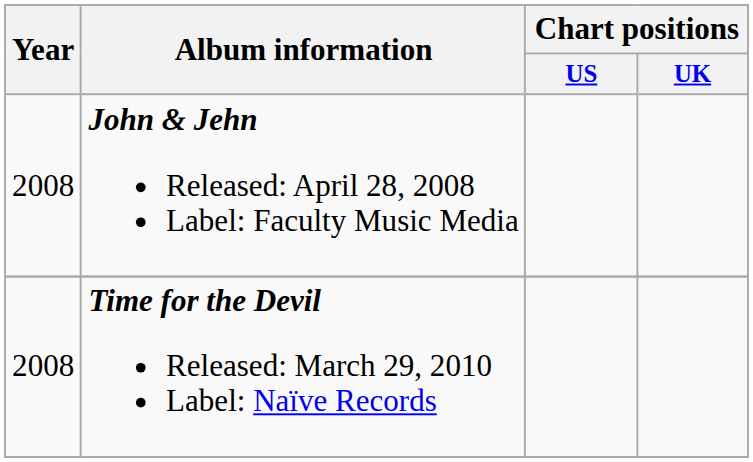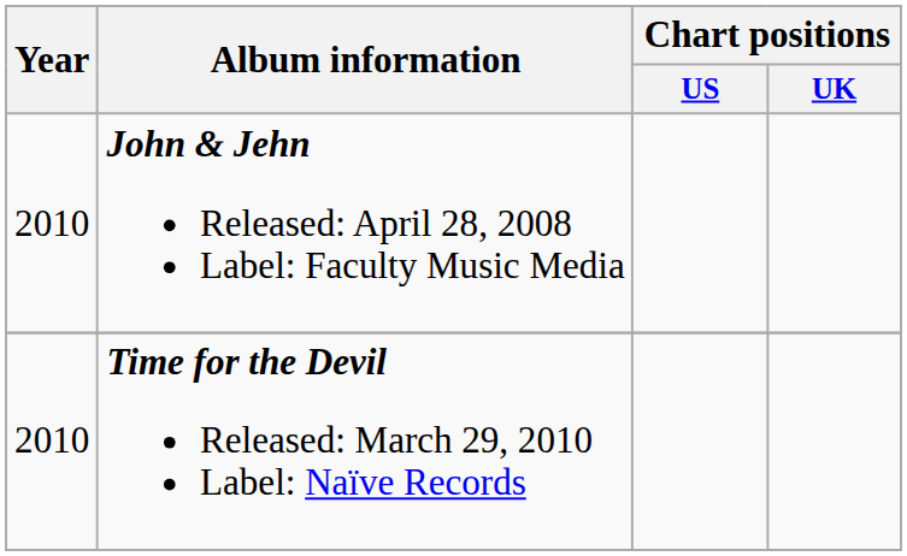 <table class="wikitable">
 <tr>
 <th rowspan="2">Year</th>
 <th rowspan="2">Album information</th>
 <th colspan="5">Chart positions</th>
 </tr>
 <tr>
 <th style="width:4em;font-size:80%"><a href='#'>US</a></th>
 <th style="width:4em;font-size:80%"><a href='#'>UK</a></th>
 </tr>
 <tr>
-<td>2008</td>
+<td>2010</td>
 <td><strong><em>John & Jehn</em></strong><br><ul><li>Released: April 28, 2008</li><li>Label: Faculty Music Media</li></ul></td>
 <td align="center"></td>
 <td align="center"></td>
 </tr>
 <tr bgcolor="#FCFCFC">
 </tr>
 <tr>
 </tr>
 <tr>
-<td>2008</td>
+<td>2010</td>
 <td><strong><em>Time for the Devil</em></strong><br><ul><li>Released: March 29, 2010</li><li>Label: <a href='#'>Naïve Records</a></li></ul></td>
 <td align="center"></td>
 <td align="center"></td>
 </tr>
 <tr bgcolor="#FCFCFC">
 </tr>
 </table>
